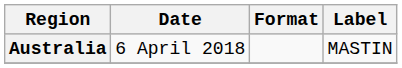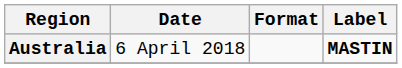 <table class="wikitable plainrowheaders">
 <tr>
 <th scope="col">Region</th>
 <th scope="col">Date</th>
 <th scope="col">Format</th>
 <th scope="col">Label</th>
 </tr>
 <tr>
 <th scope="row">Australia</th>
 <td>6 April 2018</td>
 <td></td>
-<td>MASTIN</td>
+<td><strong>MASTIN</strong></td>
 </tr>
 <tr>
 </tr>
 </table>
